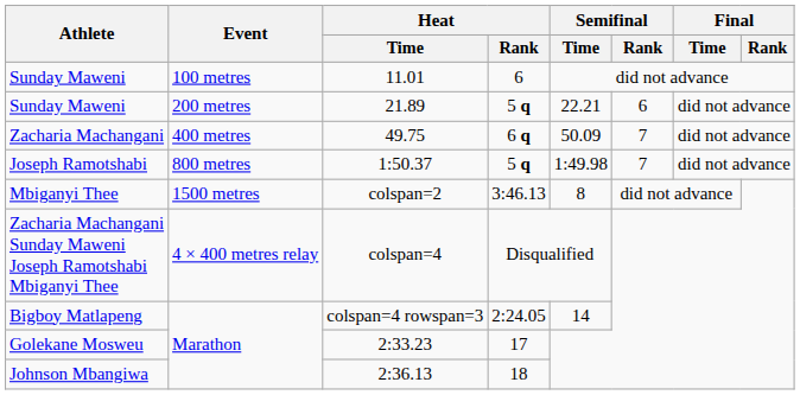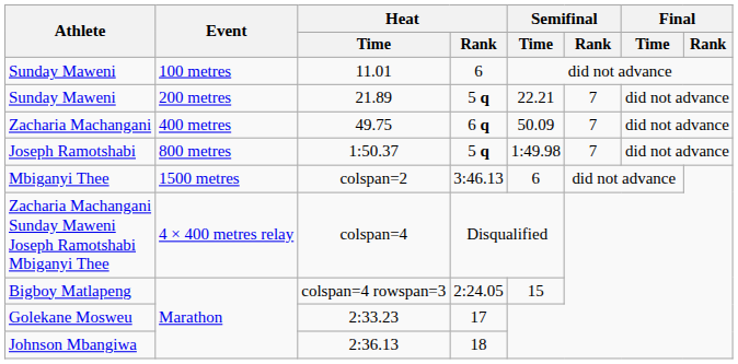 <table class="wikitable" style="font-size:90%">
 <tr>
 <th rowspan="2">Athlete</th>
 <th rowspan="2">Event</th>
 <th colspan="2">Heat</th>
 <th colspan="2">Semifinal</th>
 <th colspan="2">Final</th>
 </tr>
 <tr style="font-size:95%">
 <th>Time</th>
 <th>Rank</th>
 <th>Time</th>
 <th>Rank</th>
 <th>Time</th>
 <th>Rank</th>
 </tr>
 <tr align=center>
 <td align=left><a href='#'>Sunday Maweni</a></td>
 <td align=left><a href='#'>100 metres</a></td>
 <td>11.01</td>
 <td>6</td>
 <td colspan=4>did not advance</td>
 </tr>
 <tr align=center>
 <td align=left><a href='#'>Sunday Maweni</a></td>
 <td align=left><a href='#'>200 metres</a></td>
 <td>21.89</td>
 <td>5 <strong>q</strong></td>
 <td>22.21</td>
-<td>6</td>
+<td>7</td>
 <td colspan=2>did not advance</td>
 </tr>
 <tr align=center>
 <td align=left><a href='#'>Zacharia Machangani</a></td>
 <td align=left><a href='#'>400 metres</a></td>
 <td>49.75</td>
 <td>6 <strong>q</strong></td>
 <td>50.09</td>
 <td>7</td>
 <td colspan=2>did not advance</td>
 </tr>
 <tr align=center>
 <td align=left><a href='#'>Joseph Ramotshabi</a></td>
 <td align=left><a href='#'>800 metres</a></td>
 <td>1:50.37</td>
 <td>5 <strong>q</strong></td>
 <td>1:49.98</td>
 <td>7</td>
 <td colspan=2>did not advance</td>
 </tr>
 <tr align=center>
 <td align=left><a href='#'>Mbiganyi Thee</a></td>
 <td align=left><a href='#'>1500 metres</a></td>
 <td>colspan=2 </td>
 <td>3:46.13</td>
-<td>8</td>
+<td>6</td>
 <td colspan=2>did not advance</td>
 </tr>
 <tr align=center>
 <td align=left><a href='#'>Zacharia Machangani</a><br><a href='#'>Sunday Maweni</a><br><a href='#'>Joseph Ramotshabi</a><br><a href='#'>Mbiganyi Thee</a></td>
 <td align=left><a href='#'>4 × 400 metres relay</a></td>
 <td>colspan=4 </td>
 <td colspan=2>Disqualified</td>
 </tr>
 <tr align=center>
 <td align=left><a href='#'>Bigboy Matlapeng</a></td>
 <td align=left rowspan=3><a href='#'>Marathon</a></td>
 <td>colspan=4 rowspan=3 </td>
 <td>2:24.05</td>
-<td>14</td>
+<td>15</td>
 </tr>
 <tr align=center>
 <td align=left><a href='#'>Golekane Mosweu</a></td>
 <td>2:33.23</td>
 <td>17</td>
 </tr>
 <tr align=center>
 <td align=left><a href='#'>Johnson Mbangiwa</a></td>
 <td>2:36.13</td>
 <td>18</td>
 </tr>
 </table>
